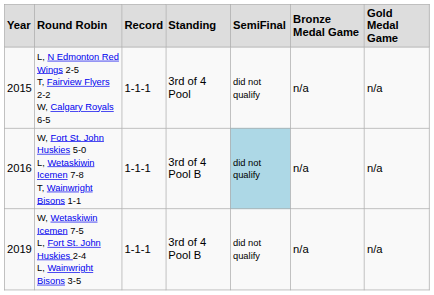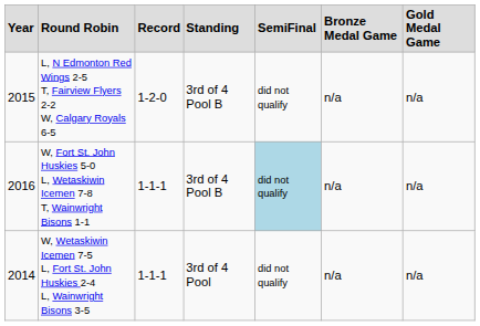 <table class="wikitable">
 <tr style="font-weight:bold; background-color:#dddddd;" |>
 <td>Year</td>
 <td>Round Robin</td>
 <td>Record</td>
 <td>Standing</td>
 <td>SemiFinal</td>
 <td>Bronze Medal Game</td>
 <td>Gold Medal Game</td>
 </tr>
 <tr>
 <td>2015</td>
 <td><small> L, <a href='#'>N Edmonton Red Wings</a> 2-5<br>T, <a href='#'>Fairview Flyers</a> 2-2<br>W, <a href='#'>Calgary Royals</a> 6-5</small></td>
-<td>1-1-1</td>
-<td>3rd of 4 Pool</td>
+<td>1-2-0</td>
+<td>3rd of 4 Pool B</td>
 <td><small>did not qualify</small></td>
 <td>n/a</td>
 <td>n/a</td>
 </tr>
 <tr>
 <td>2016</td>
 <td><small> W, <a href='#'>Fort St. John Huskies</a> 5-0<br>L, <a href='#'>Wetaskiwin Icemen</a> 7-8<br>T, <a href='#'>Wainwright Bisons</a> 1-1</small></td>
 <td>1-1-1</td>
 <td>3rd of 4 Pool B</td>
 <td style="background: lightblue;"><small>did not qualify</small></td>
 <td>n/a</td>
 <td>n/a</td>
 </tr>
 <tr>
-<td>2019</td>
+<td>2014</td>
 <td><small> W, <a href='#'>Wetaskiwin Icemen</a> 7-5<br>L, <a href='#'>Fort St. John Huskies </a> 2-4<br>L, <a href='#'>Wainwright Bisons</a> 3-5</small></td>
 <td>1-1-1</td>
-<td>3rd of 4 Pool B</td>
+<td>3rd of 4 Pool</td>
 <td><small>did not qualify</small></td>
 <td>n/a</td>
 <td>n/a</td>
 </tr>
 </table>
